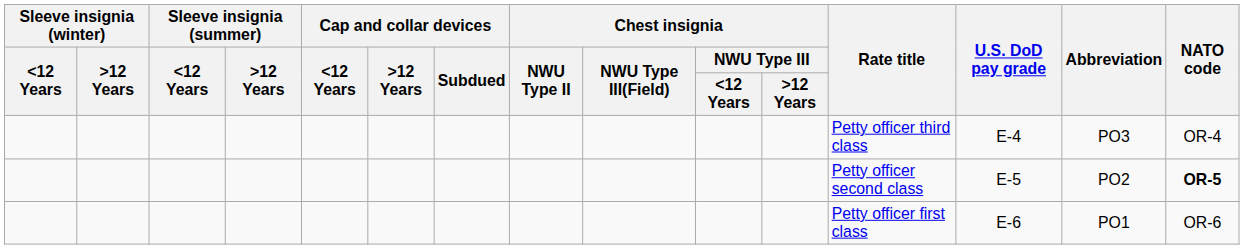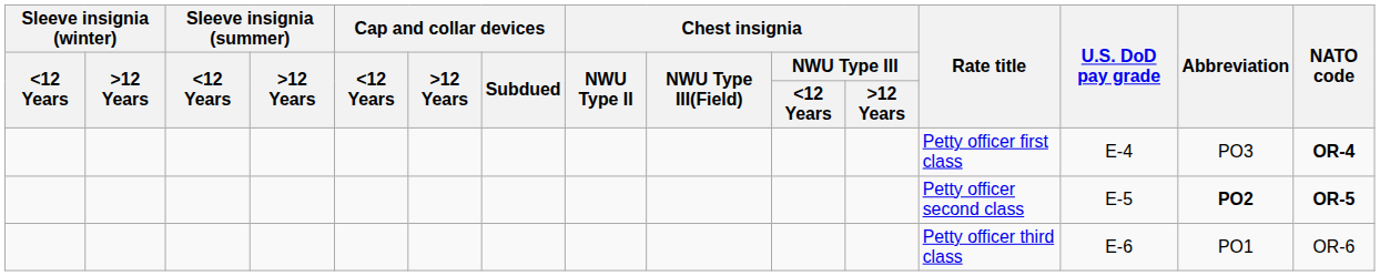 <table class="wikitable">
 <tr>
 <th colspan="2">Sleeve insignia (winter)</th>
 <th colspan="2">Sleeve insignia (summer)</th>
 <th colspan="3">Cap and collar devices</th>
 <th colspan="4">Chest insignia</th>
 <th rowspan="3">Rate title</th>
 <th rowspan="3"><a href='#'>U.S. DoD pay grade</a></th>
 <th rowspan="3">Abbreviation</th>
 <th rowspan="3">NATO code</th>
 </tr>
 <tr>
 <th rowspan="2"><12 Years</th>
 <th rowspan="2">>12 Years</th>
 <th rowspan="2"><12 Years</th>
 <th rowspan="2">>12 Years</th>
 <th rowspan="2"><12 Years</th>
 <th rowspan="2">>12 Years</th>
 <th rowspan="2">Subdued</th>
 <th rowspan="2">NWU Type II</th>
 <th rowspan="2">NWU Type III(Field)</th>
 <th colspan="2">NWU Type III</th>
 </tr>
 <tr>
 <th><12 Years</th>
 <th>>12 Years</th>
 </tr>
 <tr>
 <td style="text-align:center;"></td>
 <td style="text-align:center;"></td>
 <td style="text-align:center;"></td>
 <td style="text-align:center;"></td>
 <td style="text-align:center;"></td>
 <td style="text-align:center;"></td>
 <td style="text-align:center;"></td>
 <td style="text-align:center;"></td>
 <td style="text-align:center;"></td>
 <td style="text-align:center;"></td>
 <td style="text-align:center;"></td>
-<td><a href='#'>Petty officer third class</a></td>
+<td><a href='#'>Petty officer first class</a></td>
 <td style="text-align:center;">E-4</td>
 <td style="text-align:center;">PO3</td>
-<td style="text-align:center;">OR-4</td>
+<td style="text-align:center;"><strong>OR-4</strong></td>
 </tr>
 <tr>
 <td style="text-align:center;"></td>
 <td style="text-align:center;"></td>
 <td style="text-align:center;"></td>
 <td style="text-align:center;"></td>
 <td style="text-align:center;"></td>
 <td style="text-align:center;"></td>
 <td style="text-align:center;"></td>
 <td style="text-align:center;"></td>
 <td style="text-align:center;"></td>
 <td style="text-align:center;"></td>
 <td style="text-align:center;"></td>
 <td><a href='#'>Petty officer second class</a></td>
 <td style="text-align:center;">E-5</td>
-<td style="text-align:center;">PO2</td>
+<td style="text-align:center;"><strong>PO2</strong></td>
 <td style="text-align:center;"><strong>OR-5</strong></td>
 </tr>
 <tr>
 <td style="text-align:center;"></td>
 <td style="text-align:center;"></td>
 <td style="text-align:center;"></td>
 <td style="text-align:center;"></td>
 <td style="text-align:center;"></td>
 <td style="text-align:center;"></td>
 <td style="text-align:center;"></td>
 <td style="text-align:center;"></td>
 <td style="text-align:center;"></td>
 <td></td>
 <td></td>
-<td><a href='#'>Petty officer first class</a></td>
+<td><a href='#'>Petty officer third class</a></td>
 <td style="text-align:center;">E-6</td>
 <td style="text-align:center;">PO1</td>
 <td style="text-align:center;">OR-6</td>
 </tr>
 </table>
